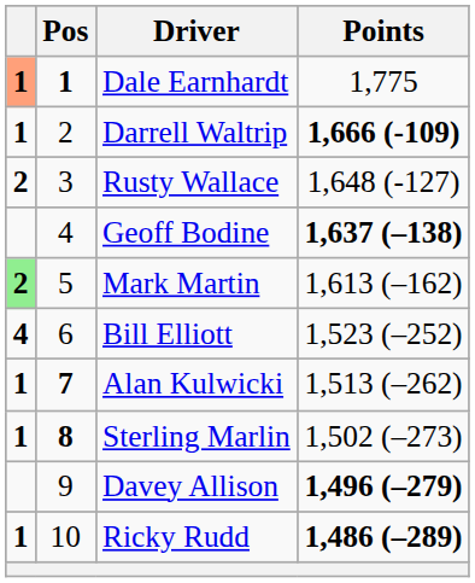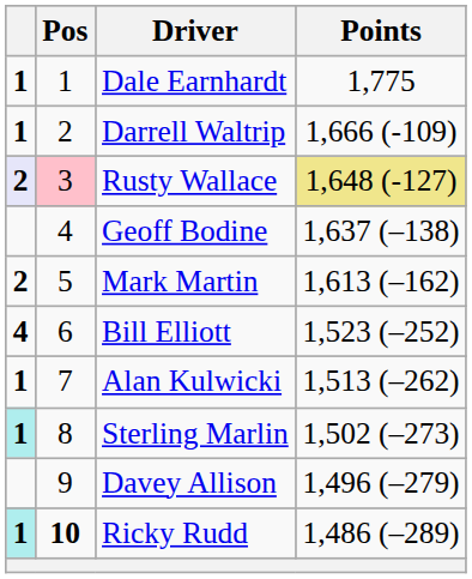 <table class="wikitable" style="font-size: 95%;">
 <tr>
 <th></th>
 <th>Pos</th>
 <th>Driver</th>
 <th>Points</th>
 </tr>
 <tr>
-<td align="left" style="background: lightsalmon;">  <strong>1</strong></td>
-<td style="text-align:center;"><strong>1</strong></td>
+<td align="left">  <strong>1</strong></td>
+<td style="text-align:center;">1</td>
 <td><a href='#'>Dale Earnhardt</a></td>
 <td style="text-align:center;">1,775</td>
 </tr>
 <tr>
 <td align="left">  <strong>1</strong></td>
 <td style="text-align:center;">2</td>
 <td><a href='#'>Darrell Waltrip</a></td>
-<td style="text-align:center;"><strong>1,666 (-109)</strong></td>
+<td style="text-align:center;">1,666 (-109)</td>
 </tr>
 <tr>
-<td align="left">  <strong>2</strong></td>
-<td style="text-align:center;">3</td>
+<td align="left" style="background: lavender;">  <strong>2</strong></td>
+<td style="background: pink; text-align:center;">3</td>
 <td><a href='#'>Rusty Wallace</a></td>
-<td style="text-align:center;">1,648 (-127)</td>
+<td style="background: khaki; text-align:center;">1,648 (-127)</td>
 </tr>
 <tr>
 <td align="left"></td>
 <td style="text-align:center;">4</td>
 <td><a href='#'>Geoff Bodine</a></td>
-<td style="text-align:center;"><strong>1,637 (–138)</strong></td>
+<td style="text-align:center;">1,637 (–138)</td>
 </tr>
 <tr>
-<td align="left" style="background: lightgreen;">  <strong>2</strong></td>
+<td align="left">  <strong>2</strong></td>
 <td style="text-align:center;">5</td>
 <td><a href='#'>Mark Martin</a></td>
 <td style="text-align:center;">1,613 (–162)</td>
 </tr>
 <tr>
 <td align="left">  <strong>4</strong></td>
 <td style="text-align:center;">6</td>
 <td><a href='#'>Bill Elliott</a></td>
 <td style="text-align:center;">1,523 (–252)</td>
 </tr>
 <tr>
 <td align="left">  <strong>1</strong></td>
-<td style="text-align:center;"><strong>7</strong></td>
+<td style="text-align:center;">7</td>
 <td><a href='#'>Alan Kulwicki</a></td>
 <td style="text-align:center;">1,513 (–262)</td>
 </tr>
 <tr>
-<td align="left">  <strong>1</strong></td>
-<td style="text-align:center;"><strong>8</strong></td>
+<td align="left" style="background: paleturquoise;">  <strong>1</strong></td>
+<td style="text-align:center;">8</td>
 <td><a href='#'>Sterling Marlin</a></td>
 <td style="text-align:center;">1,502 (–273)</td>
 </tr>
 <tr>
 <td align="left"></td>
 <td style="text-align:center;">9</td>
 <td><a href='#'>Davey Allison</a></td>
-<td style="text-align:center;"><strong>1,496 (–279)</strong></td>
+<td style="text-align:center;">1,496 (–279)</td>
 </tr>
 <tr>
-<td align="left">  <strong>1</strong></td>
-<td style="text-align:center;">10</td>
+<td align="left" style="background: paleturquoise;">  <strong>1</strong></td>
+<td style="text-align:center;"><strong>10</strong></td>
 <td><a href='#'>Ricky Rudd</a></td>
-<td style="text-align:center;"><strong>1,486 (–289)</strong></td>
+<td style="text-align:center;">1,486 (–289)</td>
 </tr>
 <tr class="sortbottom">
 <th colspan="9"></th>
 </tr>
 </table>
